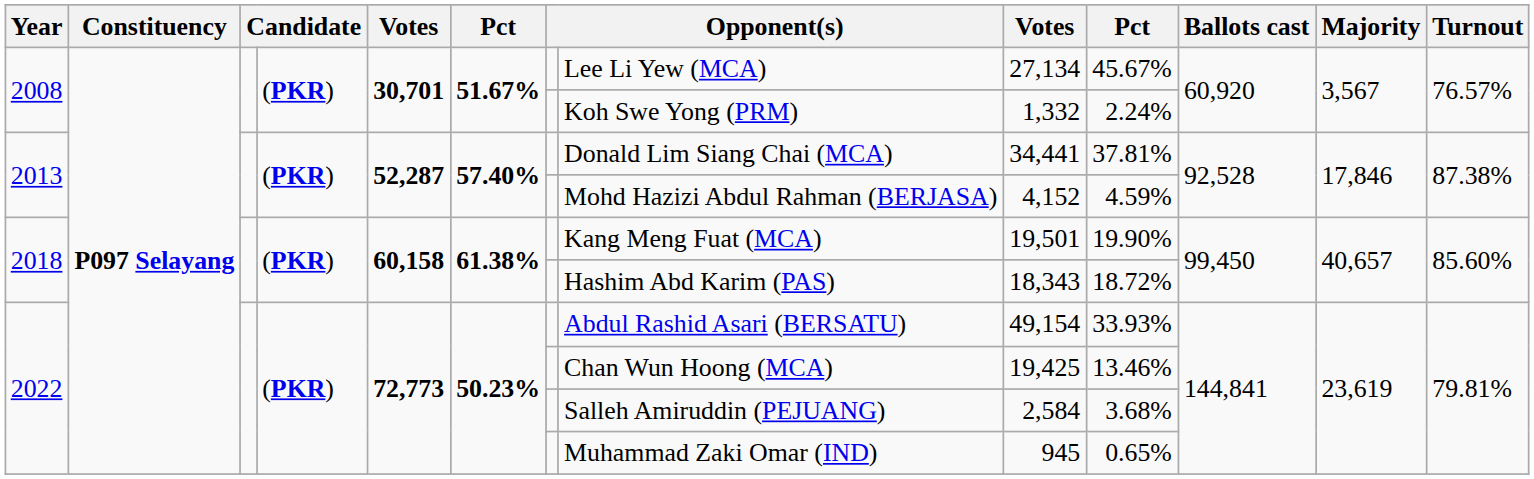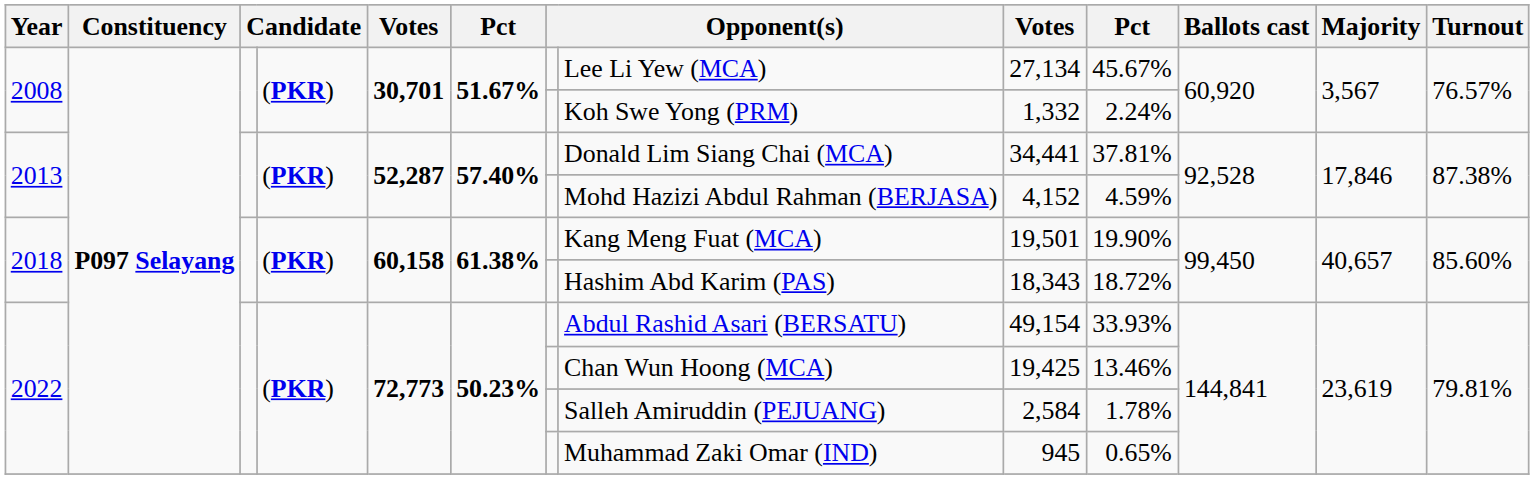 <table class="wikitable" style="margin:0.5em ; font-size:95%">
 <tr>
 <th>Year</th>
 <th>Constituency</th>
 <th colspan=2>Candidate</th>
 <th>Votes</th>
 <th>Pct</th>
 <th colspan=2>Opponent(s)</th>
 <th>Votes</th>
 <th>Pct</th>
 <th>Ballots cast</th>
 <th>Majority</th>
 <th>Turnout</th>
 </tr>
 <tr>
 <td rowspan=2><a href='#'>2008</a></td>
 <td rowspan=10><strong>P097 <a href='#'>Selayang</a></strong></td>
 <td rowspan=2 ></td>
 <td rowspan=2> (<a href='#'><strong>PKR</strong></a>)</td>
 <td rowspan=2 align="right"><strong>30,701</strong></td>
 <td rowspan=2><strong>51.67%</strong></td>
 <td></td>
 <td>Lee Li Yew (<a href='#'>MCA</a>)</td>
 <td align="right">27,134</td>
 <td>45.67%</td>
 <td rowspan=2>60,920</td>
 <td rowspan=2>3,567</td>
 <td rowspan=2>76.57%</td>
 </tr>
 <tr>
 <td bgcolor=></td>
 <td>Koh Swe Yong (<a href='#'>PRM</a>)</td>
 <td align="right">1,332</td>
 <td align="right">2.24%</td>
 </tr>
 <tr>
 <td rowspan=2><a href='#'>2013</a></td>
 <td rowspan=2 ></td>
 <td rowspan=2> (<a href='#'><strong>PKR</strong></a>)</td>
 <td rowspan=2 align="right"><strong>52,287</strong></td>
 <td rowspan=2><strong>57.40%</strong></td>
 <td></td>
 <td>Donald Lim Siang Chai (<a href='#'>MCA</a>)</td>
 <td align="right">34,441</td>
 <td>37.81%</td>
 <td rowspan=2>92,528</td>
 <td rowspan=2>17,846</td>
 <td rowspan=2>87.38%</td>
 </tr>
 <tr>
 <td bgcolor=></td>
 <td>Mohd Hazizi Abdul Rahman (<a href='#'>BERJASA</a>)</td>
 <td align="right">4,152</td>
 <td align="right">4.59%</td>
 </tr>
 <tr>
 <td rowspan=2><a href='#'>2018</a></td>
 <td rowspan=2 ></td>
 <td rowspan=2> (<a href='#'><strong>PKR</strong></a>)</td>
 <td rowspan=2 align="right"><strong>60,158</strong></td>
 <td rowspan=2><strong>61.38%</strong></td>
 <td></td>
 <td>Kang Meng Fuat (<a href='#'>MCA</a>)</td>
 <td align="right">19,501</td>
 <td>19.90%</td>
 <td rowspan=2>99,450</td>
 <td rowspan=2>40,657</td>
 <td rowspan=2>85.60%</td>
 </tr>
 <tr>
 <td></td>
 <td>Hashim Abd Karim (<a href='#'>PAS</a>)</td>
 <td align="right">18,343</td>
 <td>18.72%</td>
 </tr>
 <tr>
 <td rowspan=4><a href='#'>2022</a></td>
 <td rowspan=4 ></td>
 <td rowspan=4> (<a href='#'><strong>PKR</strong></a>)</td>
 <td rowspan=4 align="right"><strong>72,773</strong></td>
 <td rowspan=4><strong>50.23%</strong></td>
 <td bgcolor=></td>
 <td><a href='#'>Abdul Rashid Asari</a> (<a href='#'>BERSATU</a>)</td>
 <td align="right">49,154</td>
 <td>33.93%</td>
 <td rowspan=4>144,841</td>
 <td rowspan=4>23,619</td>
 <td rowspan=4>79.81%</td>
 </tr>
 <tr>
 <td></td>
 <td>Chan Wun Hoong (<a href='#'>MCA</a>)</td>
 <td align="right">19,425</td>
 <td>13.46%</td>
 </tr>
 <tr>
 <td bgcolor=></td>
 <td>Salleh Amiruddin (<a href='#'>PEJUANG</a>)</td>
 <td align="right">2,584</td>
-<td align="right">3.68%</td>
+<td align="right">1.78%</td>
 </tr>
 <tr>
 <td></td>
 <td>Muhammad Zaki Omar (<a href='#'>IND</a>)</td>
 <td align="right">945</td>
 <td align="right">0.65%</td>
 </tr>
 </table>
